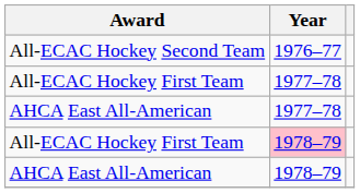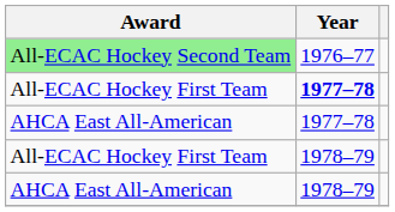 <table class="wikitable">
 <tr>
 <th>Award</th>
 <th>Year</th>
 <th></th>
 </tr>
 <tr>
-<td>All-<a href='#'>ECAC Hockey</a> <a href='#'>Second Team</a></td>
+<td style="background: lightgreen;">All-<a href='#'>ECAC Hockey</a> <a href='#'>Second Team</a></td>
 <td><a href='#'>1976–77</a></td>
 <td></td>
 </tr>
 <tr>
 <td>All-<a href='#'>ECAC Hockey</a> <a href='#'>First Team</a></td>
-<td><a href='#'>1977–78</a></td>
+<td><strong><a href='#'>1977–78</a></strong></td>
 <td></td>
 </tr>
 <tr>
 <td><a href='#'>AHCA</a> <a href='#'>East All-American</a></td>
 <td><a href='#'>1977–78</a></td>
 <td></td>
 </tr>
 <tr>
 <td>All-<a href='#'>ECAC Hockey</a> <a href='#'>First Team</a></td>
-<td style="background: pink;"><a href='#'>1978–79</a></td>
+<td><a href='#'>1978–79</a></td>
 <td></td>
 </tr>
 <tr>
 <td><a href='#'>AHCA</a> <a href='#'>East All-American</a></td>
 <td><a href='#'>1978–79</a></td>
 <td></td>
 </tr>
 <tr>
 </tr>
 </table>
